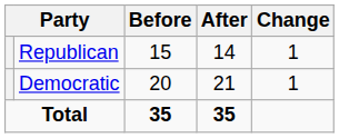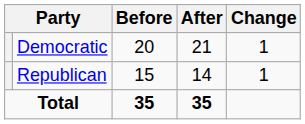 <table class="wikitable" style="text-align:center;">
 <tr>
 <th colspan="2">Party</th>
 <th>Before</th>
 <th>After</th>
 <th>Change</th>
 </tr>
 <tr>
 <th style="background-color:"></th>
-<td style="text-align:left;"><a href='#'>Republican</a></td>
-<td>15</td>
-<td>14</td>
+<td style="text-align:left;"><a href='#'>Democratic</a></td>
+<td>20</td>
+<td>21</td>
 <td> 1</td>
 </tr>
 <tr>
 <th style="background-color:"></th>
-<td style="text-align:left;"><a href='#'>Democratic</a></td>
-<td>20</td>
-<td>21</td>
+<td style="text-align:left;"><a href='#'>Republican</a></td>
+<td>15</td>
+<td>14</td>
 <td> 1</td>
 </tr>
 <tr>
 <td colspan="2"><strong>Total</strong></td>
 <td><strong>35</strong></td>
 <td><strong>35</strong></td>
 <td></td>
 </tr>
 </table>
